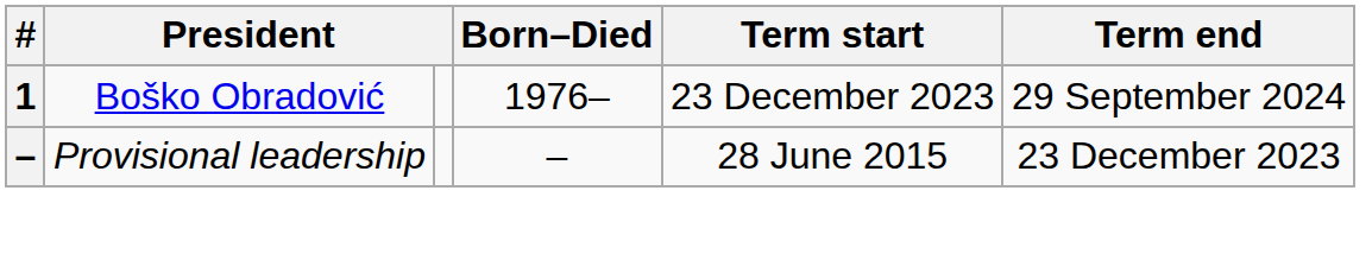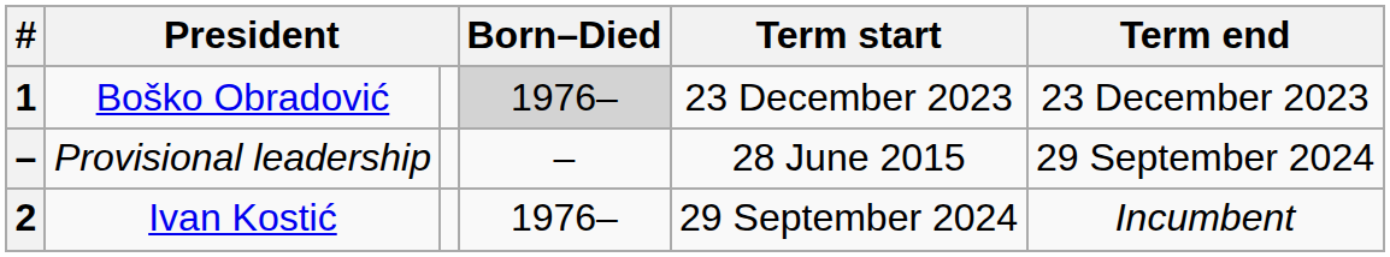 <table class="wikitable" style="text-align:center">
 <tr ->
 <th>#</th>
 <th colspan="2">President</th>
 <th>Born–Died</th>
 <th>Term start</th>
 <th>Term end</th>
 </tr>
 <tr>
 <th style="background:">1</th>
 <td><a href='#'>Boško Obradović</a></td>
 <td></td>
-<td>1976–</td>
+<td style="background: lightgrey;">1976–</td>
 <td>23 December 2023</td>
-<td>29 September 2024</td>
+<td>23 December 2023</td>
 </tr>
 <tr>
 <th style="background:">–</th>
 <td><em>Provisional leadership</em></td>
 <td></td>
 <td>–</td>
 <td>28 June 2015</td>
-<td>23 December 2023</td>
+<td>29 September 2024</td>
+</tr>
+<tr>
+<th style="background:">2</th>
+<td><a href='#'>Ivan Kostić</a></td>
+<td></td>
+<td>1976–</td>
+<td>29 September 2024</td>
+<td><em>Incumbent</em></td>
 </tr>
 </table>
